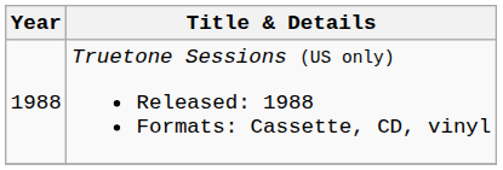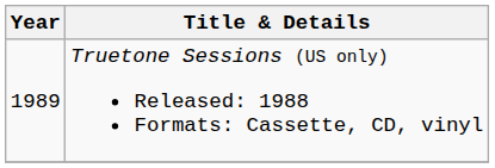 <table class="wikitable">
 <tr>
 <th rowspan="1">Year</th>
 <th rowspan="1">Title & Details</th>
 </tr>
 <tr>
-<td>1988</td>
+<td>1989</td>
 <td><em>Truetone Sessions</em> <small>(US only)</small><br><ul><li>Released: 1988</li><li>Formats: Cassette, CD, vinyl</li></ul></td>
 </tr>
 <tr>
 </tr>
 </table>
